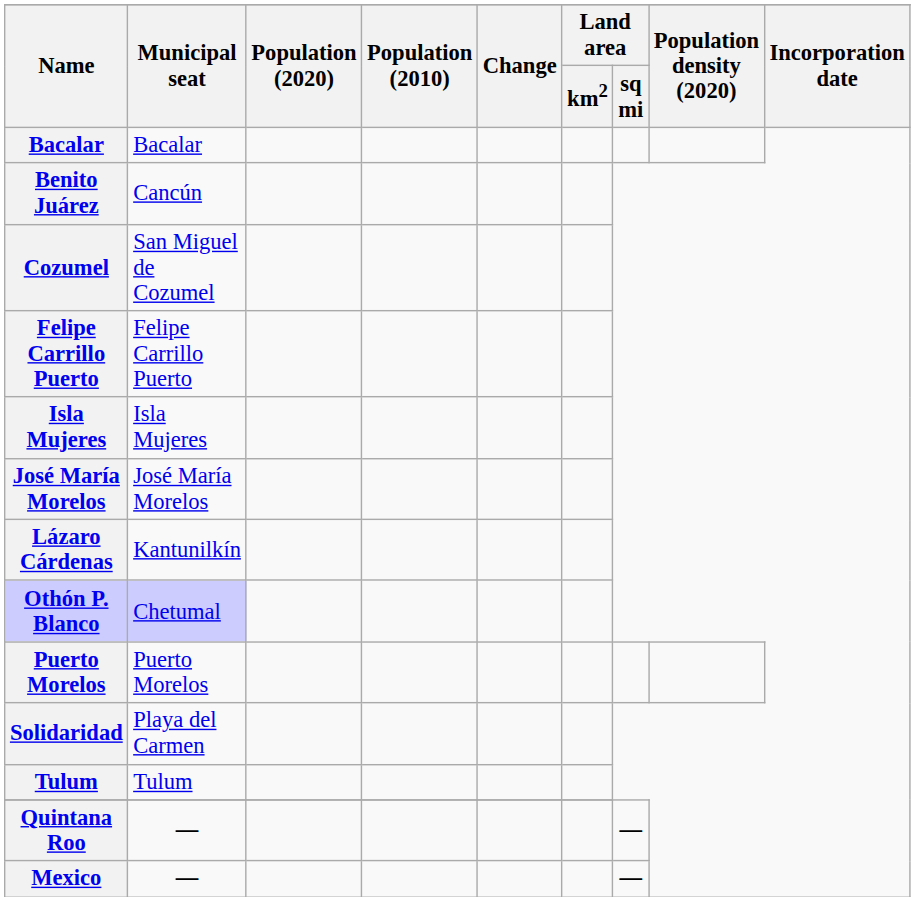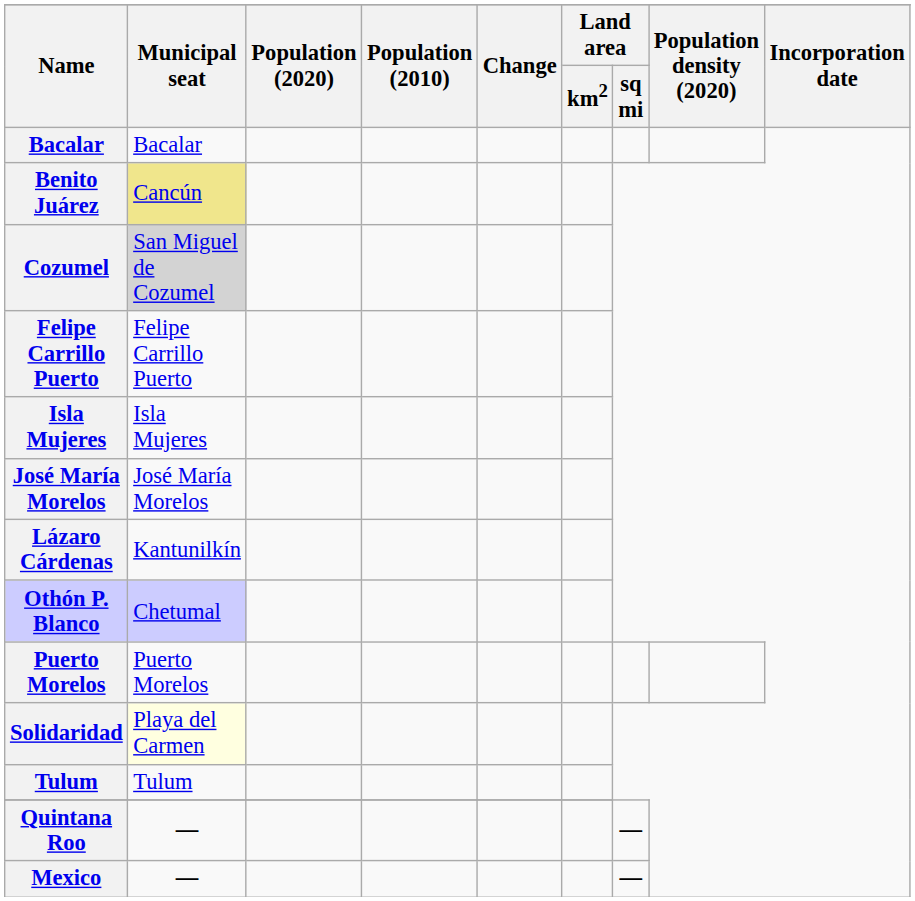 <table class="wikitable sortable" style="text-align:right;">
 <tr>
 </tr>
 <tr>
 <th scope="col"  rowspan=2>Name</th>
 <th scope="col"  rowspan=2>Municipal seat</th>
 <th scope="col"  rowspan=2>Population<br>(2020)</th>
 <th scope="col"  rowspan=2>Population<br>(2010)</th>
 <th scope="col"  rowspan=2>Change</th>
 <th scope="col" data-sort-type="number"  colspan=2>Land area</th>
 <th scope="col" data-sort-type="number"  rowspan=2>Population density<br>(2020)</th>
 <th scope="col"  rowspan=2>Incorporation date</th>
 </tr>
 <tr>
 <th scope="col">km<sup>2</sup></th>
 <th scope="col">sq mi</th>
 </tr>
 <tr>
 <th scope="row" align="left"><a href='#'>Bacalar</a></th>
 <td align=left><a href='#'>Bacalar</a></td>
 <td align=right></td>
 <td></td>
 <td></td>
 <td></td>
 <td></td>
 <td></td>
 </tr>
 <tr>
 <th scope="row" align="left"><a href='#'>Benito Juárez</a></th>
-<td align=left><a href='#'>Cancún</a></td>
+<td align=left style="background: khaki;"><a href='#'>Cancún</a></td>
 <td></td>
 <td></td>
 <td></td>
 <td></td>
 </tr>
 <tr>
 <th scope="row" align="left"><a href='#'>Cozumel</a></th>
-<td align=left><a href='#'>San Miguel de Cozumel</a></td>
+<td align=left style="background: lightgrey;"><a href='#'>San Miguel de Cozumel</a></td>
 <td></td>
 <td></td>
 <td></td>
 <td></td>
 </tr>
 <tr>
 <th scope="row" align="left"><a href='#'>Felipe Carrillo Puerto</a></th>
 <td align=left><a href='#'>Felipe Carrillo Puerto</a></td>
 <td></td>
 <td></td>
 <td></td>
 <td></td>
 </tr>
 <tr>
 <th scope="row" align="left"><a href='#'>Isla Mujeres</a></th>
 <td align=left><a href='#'>Isla Mujeres</a></td>
 <td></td>
 <td></td>
 <td></td>
 <td></td>
 </tr>
 <tr>
 <th scope="row" align="left"><a href='#'>José María Morelos</a></th>
 <td align=left><a href='#'>José María Morelos</a></td>
 <td></td>
 <td></td>
 <td></td>
 <td></td>
 </tr>
 <tr>
 <th scope="row" align="left"><a href='#'>Lázaro Cárdenas</a></th>
 <td align=left><a href='#'>Kantunilkín</a></td>
 <td></td>
 <td></td>
 <td></td>
 <td></td>
 </tr>
 <tr>
 <th scope="row" align="left" style="background:#CCF;"><a href='#'>Othón P. Blanco</a></th>
 <td align=left style="background:#CCF;"><a href='#'>Chetumal</a></td>
 <td></td>
 <td></td>
 <td></td>
 <td></td>
 </tr>
 <tr>
 <th scope="row" align="left"><a href='#'>Puerto Morelos</a></th>
 <td align=left><a href='#'>Puerto Morelos</a></td>
 <td align=right></td>
 <td></td>
 <td></td>
 <td></td>
 <td></td>
 <td></td>
 </tr>
 <tr>
 <th scope="row" align="left"><a href='#'>Solidaridad</a></th>
-<td align=left><a href='#'>Playa del Carmen</a></td>
+<td align=left style="background: lightyellow;"><a href='#'>Playa del Carmen</a></td>
 <td></td>
 <td></td>
 <td></td>
 <td></td>
 </tr>
 <tr>
 <th scope="row" align="left"><a href='#'>Tulum</a></th>
 <td align=left><a href='#'>Tulum</a></td>
 <td></td>
 <td></td>
 <td></td>
 <td></td>
 </tr>
 <tr>
 </tr>
 <tr class="sortbottom" style="text-align:center;" style="background: #f2f2f2;">
 <th scope="row" align="left"><strong><a href='#'>Quintana Roo</a></strong></th>
 <td><strong>—</strong></td>
 <td></td>
 <td><strong></strong></td>
 <td><strong></strong></td>
 <td align="right"><strong></strong></td>
 <td><strong>—</strong></td>
 </tr>
 <tr class="sortbottom" style="text-align:center;" style="background: #f2f2f2;">
 <th scope="row" align="left"><strong><a href='#'>Mexico</a></strong></th>
 <td><strong>—</strong></td>
 <td></td>
 <td><strong></strong></td>
 <td><strong></strong></td>
 <td align="right"><strong></strong></td>
 <td><strong>—</strong></td>
 </tr>
 </table>
